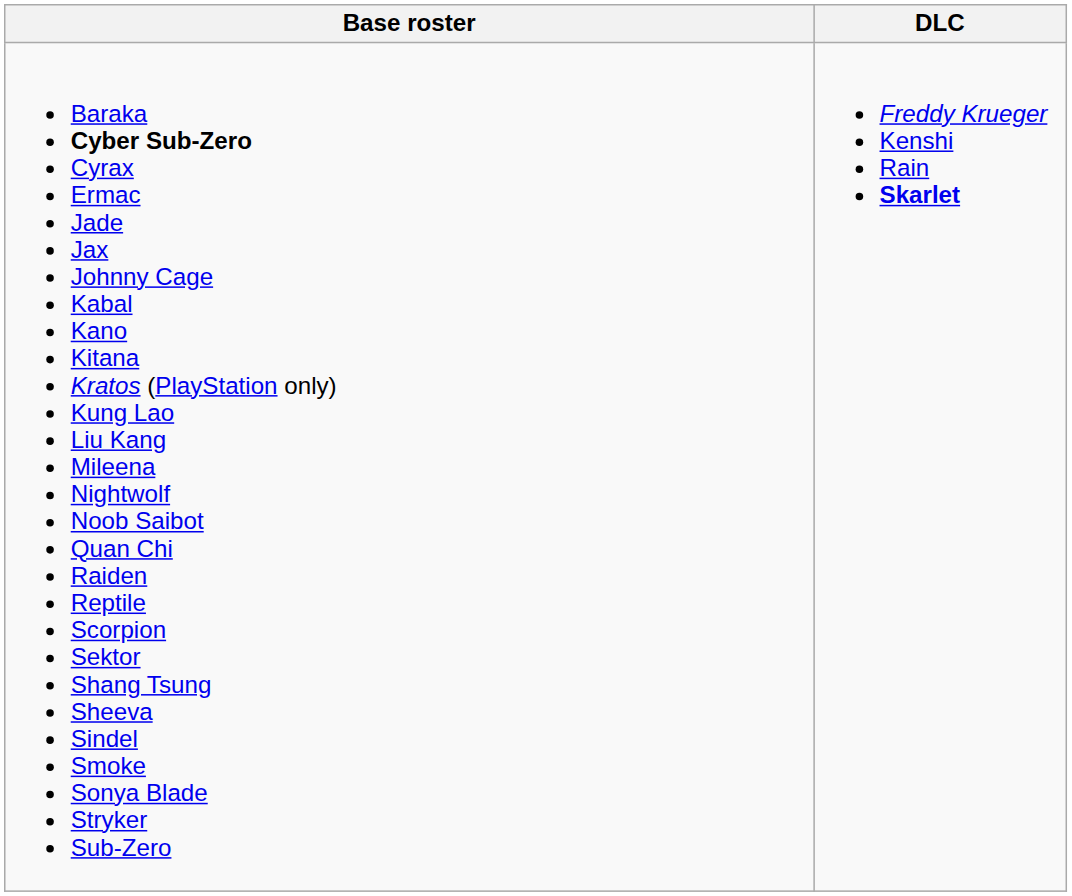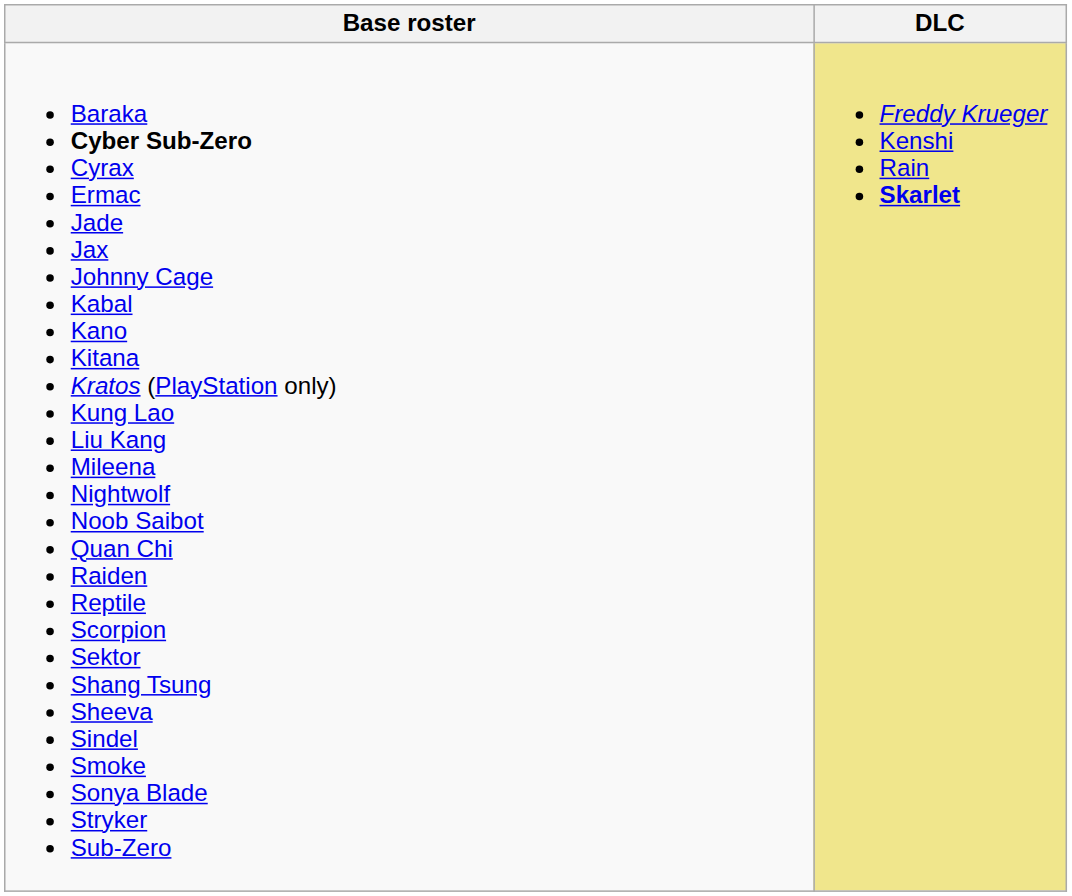 <table class="wikitable" style="width: 100%; max-width: 44em;">
 <tr>
 <th scope="col">Base roster</th>
 <th scope="col" style="width: 10em;">DLC</th>
 </tr>
 <tr>
 <td style="vertical-align: top;"><br><ul><li><a href='#'>Baraka</a></li><li><strong>Cyber Sub-Zero</strong></li><li><a href='#'>Cyrax</a></li><li><a href='#'>Ermac</a></li><li><a href='#'>Jade</a></li><li><a href='#'>Jax</a></li><li><a href='#'>Johnny Cage</a></li><li><a href='#'>Kabal</a></li><li><a href='#'>Kano</a></li><li><a href='#'>Kitana</a></li><li><em><a href='#'>Kratos</a></em> (<a href='#'>PlayStation</a> only)</li><li><a href='#'>Kung Lao</a></li><li><a href='#'>Liu Kang</a></li><li><a href='#'>Mileena</a></li><li><a href='#'>Nightwolf</a></li><li><a href='#'>Noob Saibot</a></li><li><a href='#'>Quan Chi</a></li><li><a href='#'>Raiden</a></li><li><a href='#'>Reptile</a></li><li><a href='#'>Scorpion</a></li><li><a href='#'>Sektor</a></li><li><a href='#'>Shang Tsung</a></li><li><a href='#'>Sheeva</a></li><li><a href='#'>Sindel</a></li><li><a href='#'>Smoke</a></li><li><a href='#'>Sonya Blade</a></li><li><a href='#'>Stryker</a></li><li><a href='#'>Sub-Zero</a></li></ul></td>
-<td style="vertical-align: top;"><br><ul><li><em><a href='#'>Freddy Krueger</a></em></li><li><a href='#'>Kenshi</a></li><li><a href='#'>Rain</a></li><li><strong><a href='#'>Skarlet</a></strong></li></ul></td>
+<td style="background: khaki; vertical-align: top;"><br><ul><li><em><a href='#'>Freddy Krueger</a></em></li><li><a href='#'>Kenshi</a></li><li><a href='#'>Rain</a></li><li><strong><a href='#'>Skarlet</a></strong></li></ul></td>
 </tr>
 </table>
